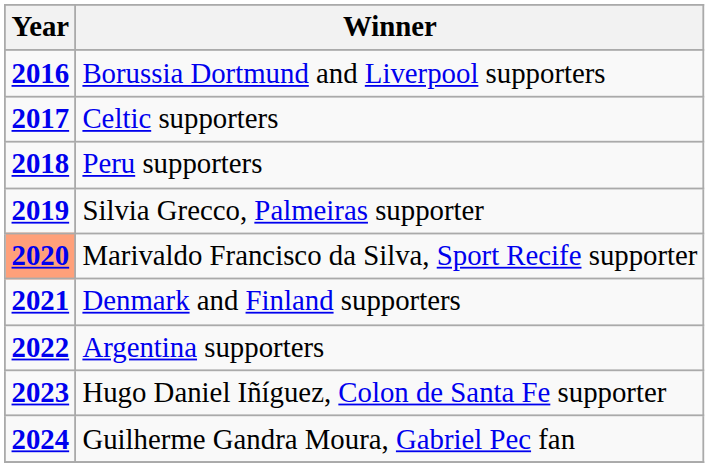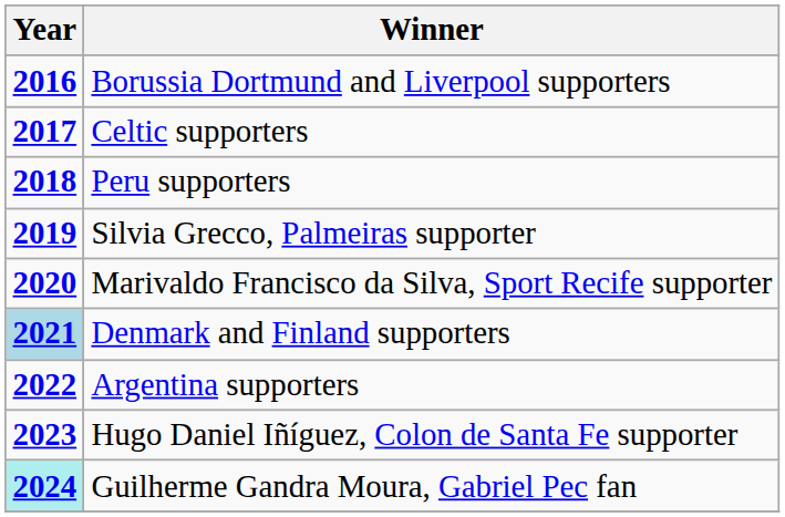 <table class="wikitable">
 <tr>
 <th>Year</th>
 <th>Winner</th>
 </tr>
 <tr>
 <td align="center"><strong><a href='#'>2016</a></strong></td>
 <td><a href='#'>Borussia Dortmund</a> and <a href='#'>Liverpool</a> supporters</td>
 </tr>
 <tr>
 <td align="center"><strong><a href='#'>2017</a></strong></td>
 <td><a href='#'>Celtic</a> supporters</td>
 </tr>
 <tr>
 <td align="center"><strong><a href='#'>2018</a></strong></td>
 <td><a href='#'>Peru</a> supporters</td>
 </tr>
 <tr>
 <td align="center"><strong><a href='#'>2019</a></strong></td>
 <td>Silvia Grecco, <a href='#'>Palmeiras</a> supporter</td>
 </tr>
 <tr>
-<td align="center" style="background: lightsalmon;"><strong><a href='#'>2020</a></strong></td>
+<td align="center"><strong><a href='#'>2020</a></strong></td>
 <td>Marivaldo Francisco da Silva, <a href='#'>Sport Recife</a> supporter</td>
 </tr>
 <tr>
-<td align="center"><strong><a href='#'>2021</a></strong></td>
+<td align="center" style="background: lightblue;"><strong><a href='#'>2021</a></strong></td>
 <td><a href='#'>Denmark</a> and <a href='#'>Finland</a> supporters</td>
 </tr>
 <tr>
 <td align="center"><strong><a href='#'>2022</a></strong></td>
 <td><a href='#'>Argentina</a> supporters</td>
 </tr>
 <tr>
 <td align="center"><strong><a href='#'>2023</a></strong></td>
 <td>Hugo Daniel Iñíguez, <a href='#'>Colon de Santa Fe</a> supporter</td>
 </tr>
 <tr>
-<td align="center"><strong><a href='#'>2024</a></strong></td>
+<td align="center" style="background: paleturquoise;"><strong><a href='#'>2024</a></strong></td>
 <td>Guilherme Gandra Moura, <a href='#'>Gabriel Pec</a> fan</td>
 </tr>
 <tr>
 </tr>
 </table>
